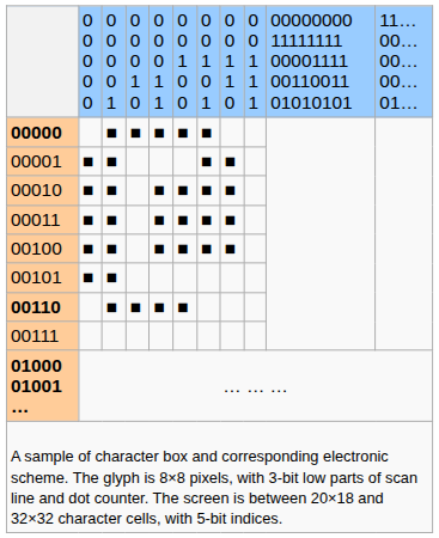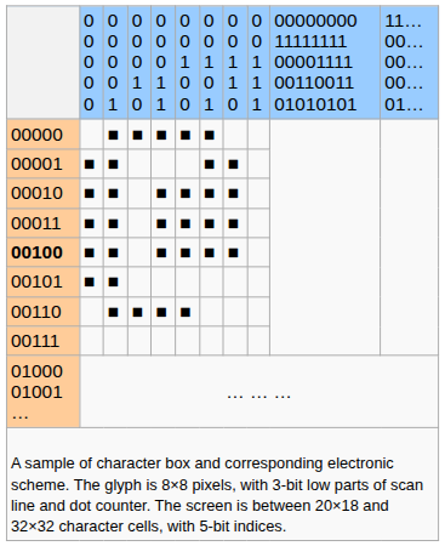 <table width=372 border=1 cellspacing=0 cellpadding=1 align=right style="margin-left: 16px" class="wikitable">
 <tr bgcolor=#99CCFF>
 <th></th>
 <td><span>0<br>0<br>0<br>0<br>0</span></td>
 <td><span>0<br>0<br>0<br>0<br>1</span></td>
 <td><span>0<br>0<br>0<br>1<br>0</span></td>
 <td><span>0<br>0<br>0<br>1<br>1</span></td>
 <td><span>0<br>0<br>1<br>0<br>0</span></td>
 <td><span>0<br>0<br>1<br>0<br>1</span></td>
 <td><span>0<br>0<br>1<br>1<br>0</span></td>
 <td><span>0<br>0<br>1<br>1<br>1</span></td>
 <td><span>00000000<br>11111111<br>00001111<br>00110011<br>01010101</span></td>
 <td><span>11…<br>00…<br>00…<br>00…<br>01…</span></td>
 </tr>
 <tr>
-<td bgcolor=#FFCC99><strong><span>00000</span></strong></td>
+<td bgcolor=#FFCC99><span>00000</span></td>
 <td> </td>
 <td><span>■</span></td>
 <td><span>■</span></td>
 <td><span>■</span></td>
 <td><span>■</span></td>
 <td><span>■</span></td>
 <td> </td>
 <td> </td>
 <td rowspan=8 align=center> </td>
 <td rowspan=8> </td>
 </tr>
 <tr>
 <td bgcolor=#FFCC99><span>00001</span></td>
 <td><span>■</span></td>
 <td><span>■</span></td>
 <td> </td>
 <td> </td>
 <td> </td>
 <td><span>■</span></td>
 <td><span>■</span></td>
 <td> </td>
 </tr>
 <tr>
 <td bgcolor=#FFCC99><span>00010</span></td>
 <td><span>■</span></td>
 <td><span>■</span></td>
 <td> </td>
 <td><span>■</span></td>
 <td><span>■</span></td>
 <td><span>■</span></td>
 <td><span>■</span></td>
 <td> </td>
 </tr>
 <tr>
 <td bgcolor=#FFCC99><span>00011</span></td>
 <td><span>■</span></td>
 <td><span>■</span></td>
 <td> </td>
 <td><span>■</span></td>
 <td><span>■</span></td>
 <td><span>■</span></td>
 <td><span>■</span></td>
 <td> </td>
 </tr>
 <tr>
-<td bgcolor=#FFCC99><span>00100</span></td>
+<td bgcolor=#FFCC99><strong><span>00100</span></strong></td>
 <td><span>■</span></td>
 <td><span>■</span></td>
 <td> </td>
 <td><span>■</span></td>
 <td><span>■</span></td>
 <td><span>■</span></td>
 <td><span>■</span></td>
 <td> </td>
 </tr>
 <tr>
 <td bgcolor=#FFCC99><span>00101</span></td>
 <td><span>■</span></td>
 <td><span>■</span></td>
 <td> </td>
 <td> </td>
 <td> </td>
 <td> </td>
 <td> </td>
 <td> </td>
 </tr>
 <tr>
-<td bgcolor=#FFCC99><strong><span>00110</span></strong></td>
+<td bgcolor=#FFCC99><span>00110</span></td>
 <td> </td>
 <td><span>■</span></td>
 <td><span>■</span></td>
 <td><span>■</span></td>
 <td><span>■</span></td>
 <td> </td>
 <td> </td>
 <td> </td>
 </tr>
 <tr>
 <td bgcolor=#FFCC99>00111</td>
 <td> </td>
 <td> </td>
 <td> </td>
 <td> </td>
 <td> </td>
 <td> </td>
 <td> </td>
 <td> </td>
 </tr>
 <tr>
-<td bgcolor=#FFCC99><strong><span>01000<br>01001<br>…</span></strong></td>
+<td bgcolor=#FFCC99><span>01000<br>01001<br>…</span></td>
 <td colspan=10 align=center>… … …</td>
 </tr>
 <tr>
 <td colspan=12><small><br>A sample of character box and corresponding electronic scheme. The glyph is 8×8 pixels, with 3-bit low parts of scan line and dot counter. The screen is between 20×18 and 32×32 character cells, with 5-bit indices.</small></td>
 </tr>
 </table>
